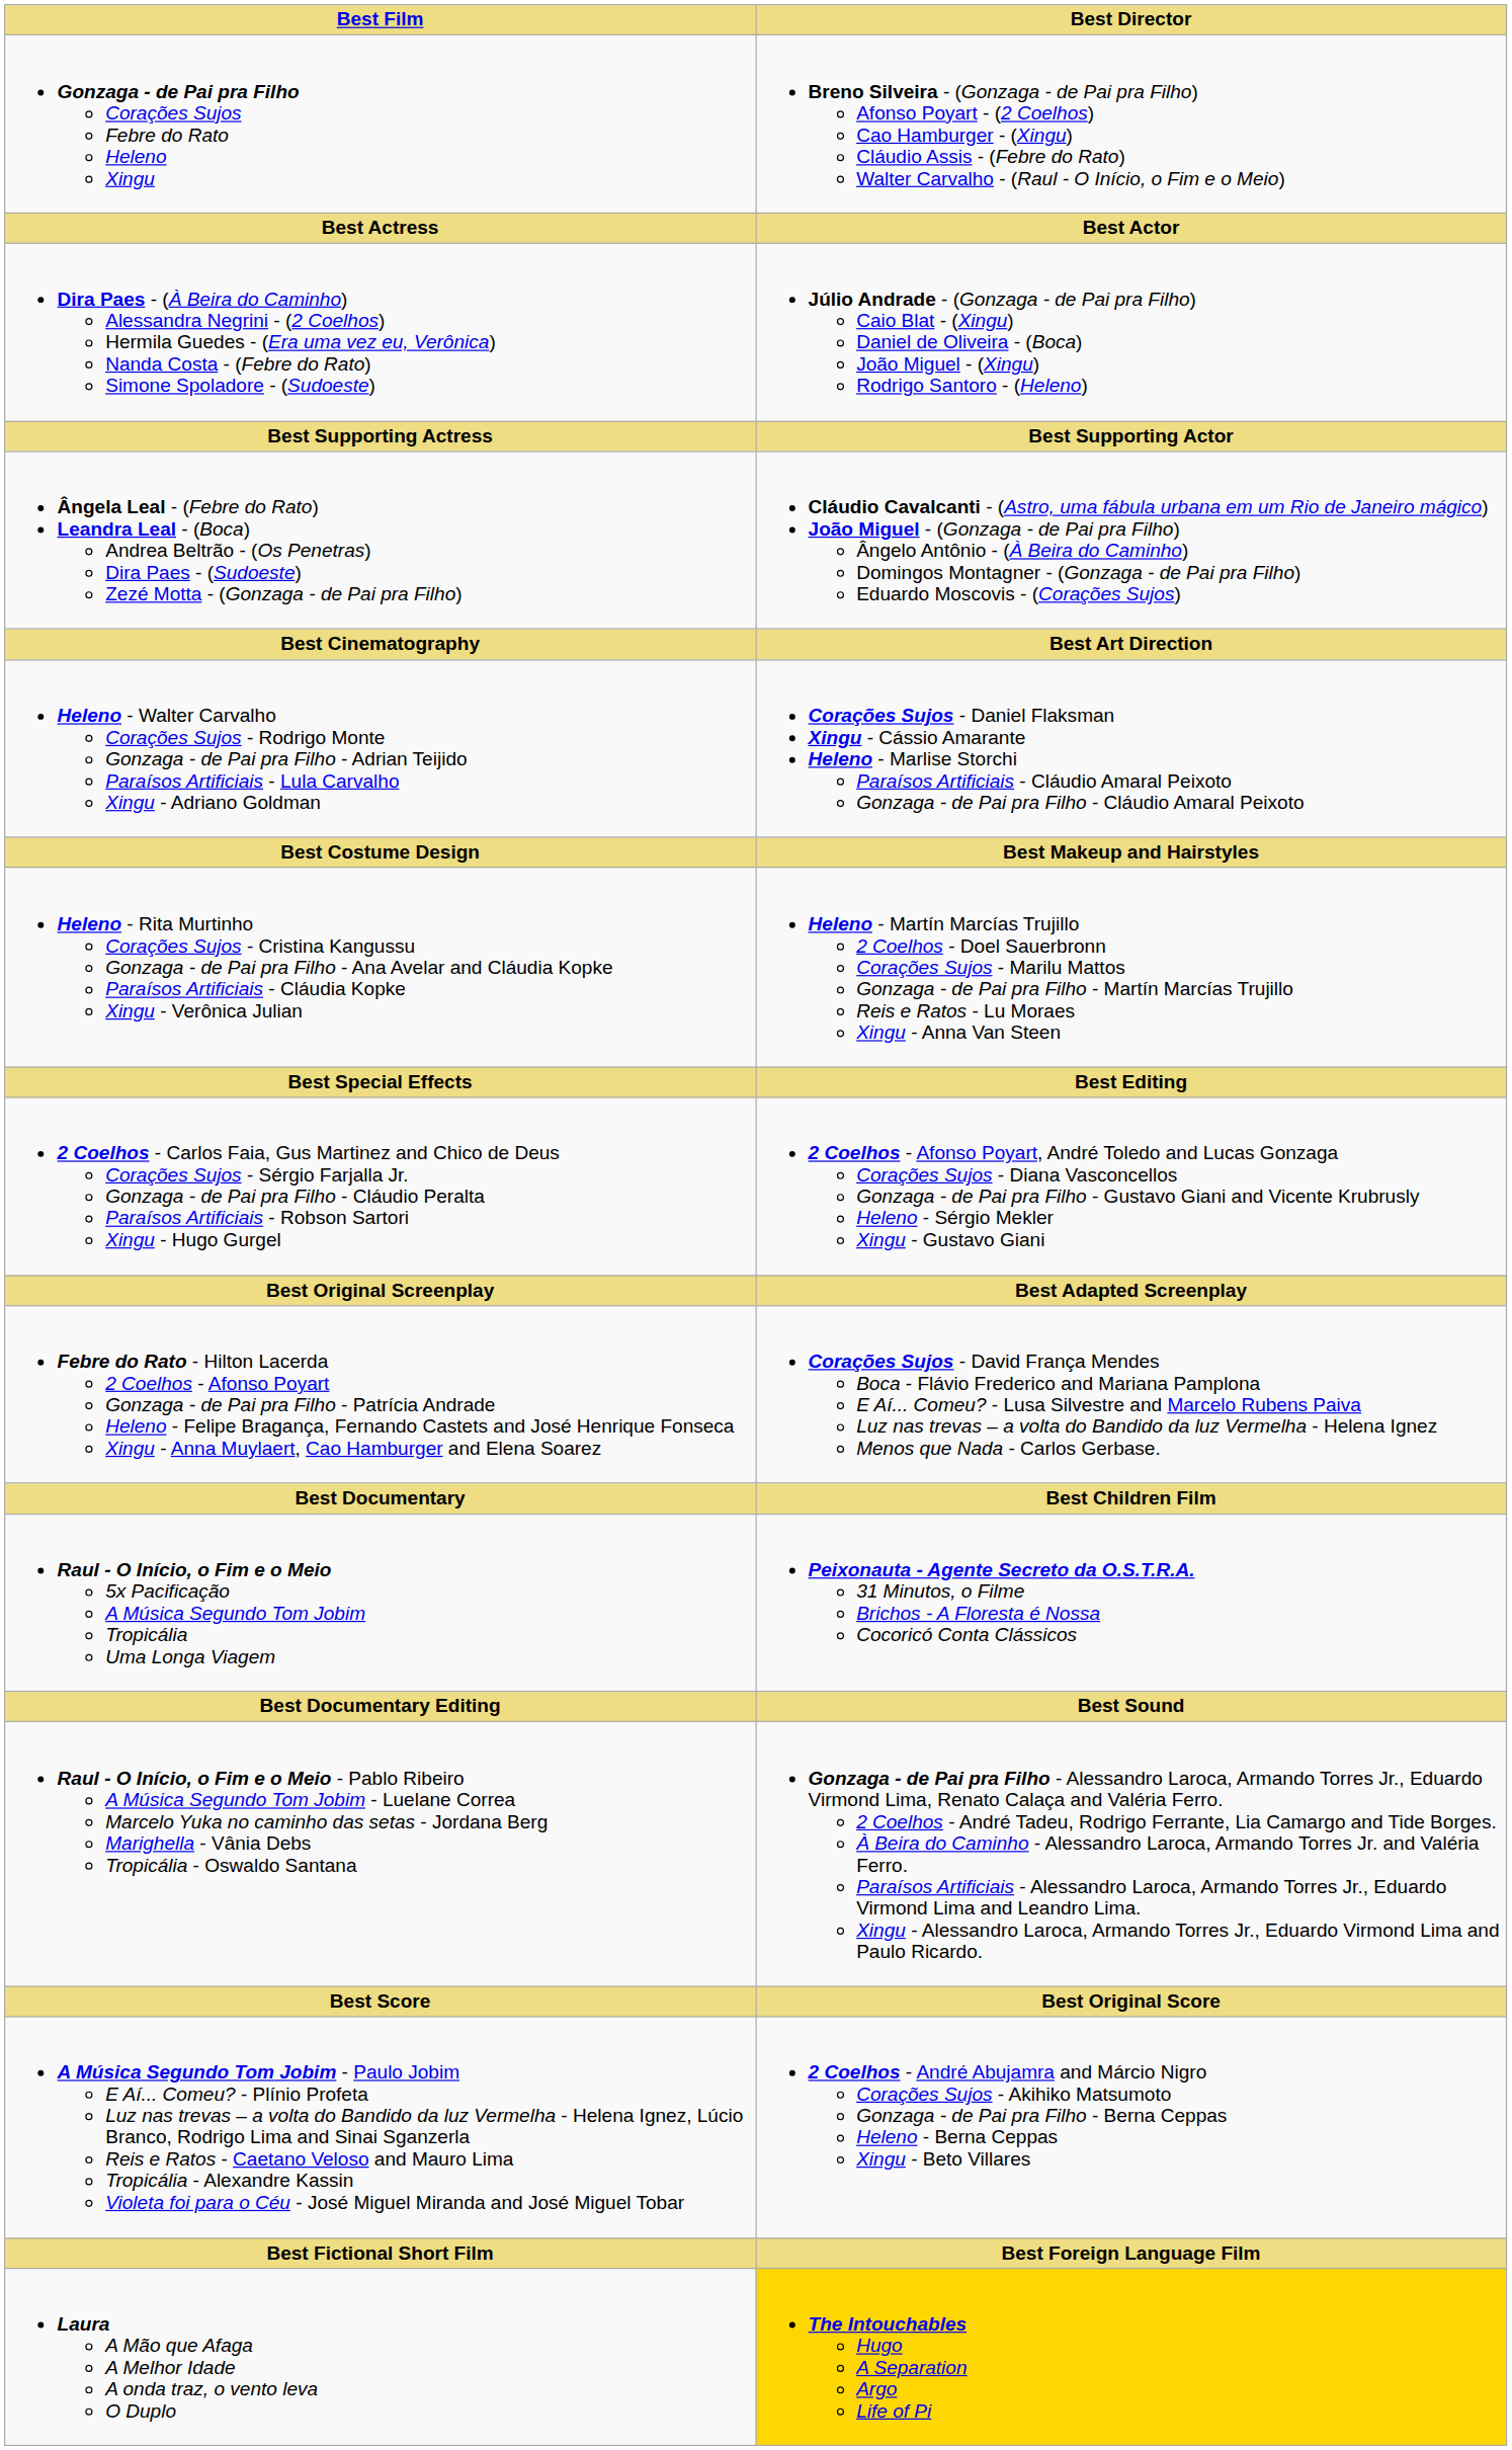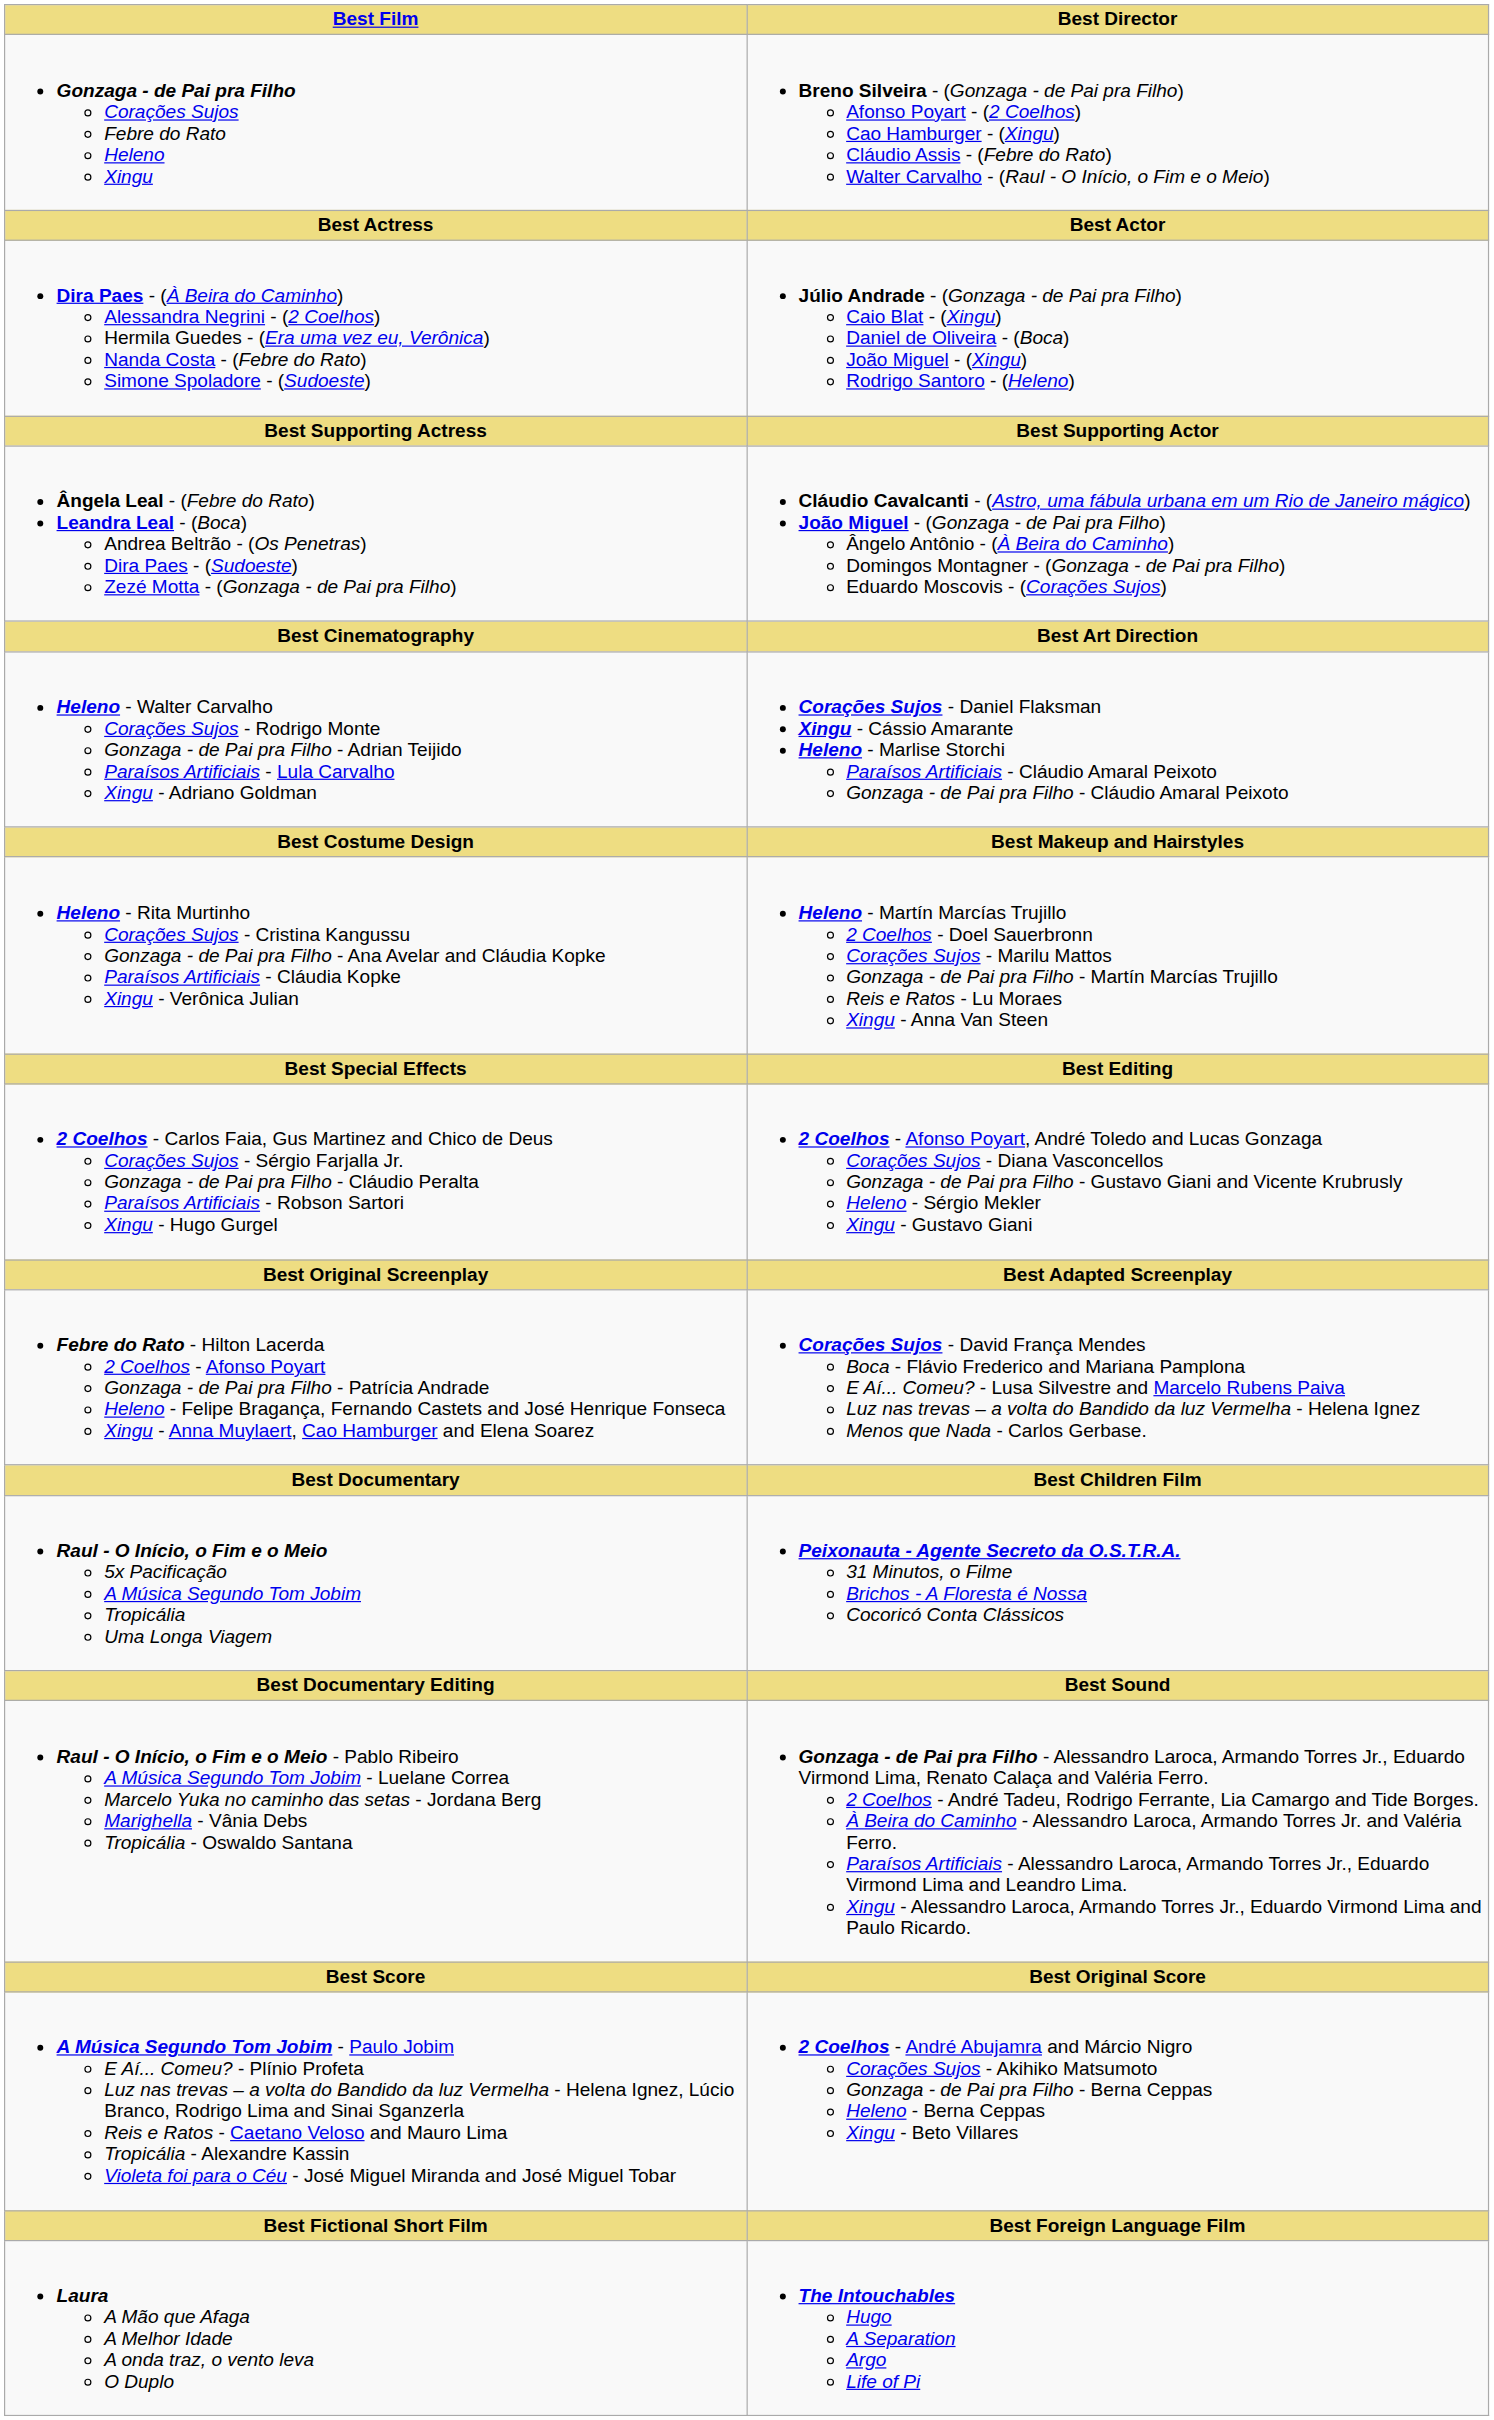 <table class=wikitable>
 <tr>
 <th style="background:#EEDD82; width:50%"><a href='#'>Best Film</a></th>
 <th style="background:#EEDD82; width:50%">Best Director</th>
 </tr>
 <tr>
 <td valign="top"><br><ul><li><strong><em>Gonzaga - de Pai pra Filho</em></strong><ul><li><em><a href='#'>Corações Sujos</a></em></li><li><em>Febre do Rato</em></li><li><em><a href='#'>Heleno</a></em></li><li><em><a href='#'>Xingu</a></em></li></ul></li></ul></td>
 <td valign="top"><br><ul><li><strong>Breno Silveira</strong> - (<em>Gonzaga - de Pai pra Filho</em>)<ul><li><a href='#'>Afonso Poyart</a> - (<em><a href='#'>2 Coelhos</a></em>)</li><li><a href='#'>Cao Hamburger</a> - (<em><a href='#'>Xingu</a></em>)</li><li><a href='#'>Cláudio Assis</a> - (<em>Febre do Rato</em>)</li><li><a href='#'>Walter Carvalho</a> - (<em>Raul - O Início, o Fim e o Meio</em>)</li></ul></li></ul></td>
 </tr>
 <tr>
 <th style="background:#EEDD82; width:50%">Best Actress</th>
 <th style="background:#EEDD82; width:50%">Best Actor</th>
 </tr>
 <tr>
 <td valign="top"><br><ul><li><strong><a href='#'>Dira Paes</a></strong> - (<em><a href='#'>À Beira do Caminho</a></em>)<ul><li><a href='#'>Alessandra Negrini</a> - (<em><a href='#'>2 Coelhos</a></em>)</li><li>Hermila Guedes - (<em><a href='#'>Era uma vez eu, Verônica</a></em>)</li><li><a href='#'>Nanda Costa</a> - (<em>Febre do Rato</em>)</li><li><a href='#'>Simone Spoladore</a> - (<em><a href='#'>Sudoeste</a></em>)</li></ul></li></ul></td>
 <td valign="top"><br><ul><li><strong>Júlio Andrade</strong> - (<em>Gonzaga - de Pai pra Filho</em>)<ul><li><a href='#'>Caio Blat</a> - (<em><a href='#'>Xingu</a></em>)</li><li><a href='#'>Daniel de Oliveira</a> - (<em>Boca</em>)</li><li><a href='#'>João Miguel</a> - (<em><a href='#'>Xingu</a></em>)</li><li><a href='#'>Rodrigo Santoro</a> - (<em><a href='#'>Heleno</a></em>)</li></ul></li></ul></td>
 </tr>
 <tr>
 <th style="background:#EEDD82; width:50%">Best Supporting Actress</th>
 <th style="background:#EEDD82; width:50%">Best Supporting Actor</th>
 </tr>
 <tr>
 <td valign="top"><br><ul><li><strong>Ângela Leal</strong> - (<em>Febre do Rato</em>)</li><li><strong><a href='#'>Leandra Leal</a></strong> - (<em>Boca</em>)<ul><li>Andrea Beltrão - (<em>Os Penetras</em>)</li><li><a href='#'>Dira Paes</a> - (<em><a href='#'>Sudoeste</a></em>)</li><li><a href='#'>Zezé Motta</a> - (<em>Gonzaga - de Pai pra Filho</em>)</li></ul></li></ul></td>
 <td valign="top"><br><ul><li><strong>Cláudio Cavalcanti</strong> - (<em><a href='#'>Astro, uma fábula urbana em um Rio de Janeiro mágico</a></em>)</li><li><strong><a href='#'>João Miguel</a></strong> - (<em>Gonzaga - de Pai pra Filho</em>)<ul><li>Ângelo Antônio - (<em><a href='#'>À Beira do Caminho</a></em>)</li><li>Domingos Montagner - (<em>Gonzaga - de Pai pra Filho</em>)</li><li>Eduardo Moscovis - (<em><a href='#'>Corações Sujos</a></em>)</li></ul></li></ul></td>
 </tr>
 <tr>
 <th style="background:#EEDD82; width:50%">Best Cinematography</th>
 <th style="background:#EEDD82; width:50%">Best Art Direction</th>
 </tr>
 <tr>
 <td valign="top"><br><ul><li><strong><em><a href='#'>Heleno</a></em></strong> - Walter Carvalho<ul><li><em><a href='#'>Corações Sujos</a></em> - Rodrigo Monte</li><li><em>Gonzaga - de Pai pra Filho</em> - Adrian Teijido</li><li><em><a href='#'>Paraísos Artificiais</a></em> - <a href='#'>Lula Carvalho</a></li><li><em><a href='#'>Xingu</a></em> - Adriano Goldman</li></ul></li></ul></td>
 <td valign="top"><br><ul><li><strong><em><a href='#'>Corações Sujos</a></em></strong> - Daniel Flaksman</li><li><strong><em><a href='#'>Xingu</a></em></strong> - Cássio Amarante</li><li><strong><em><a href='#'>Heleno</a></em></strong> - Marlise Storchi<ul><li><em><a href='#'>Paraísos Artificiais</a></em> - Cláudio Amaral Peixoto</li><li><em>Gonzaga - de Pai pra Filho</em> - Cláudio Amaral Peixoto</li></ul></li></ul></td>
 </tr>
 <tr>
 <th style="background:#EEDD82; width:50%">Best Costume Design</th>
 <th style="background:#EEDD82; width:50%">Best Makeup and Hairstyles</th>
 </tr>
 <tr>
 <td valign="top"><br><ul><li><strong><em><a href='#'>Heleno</a></em></strong> - Rita Murtinho<ul><li><em><a href='#'>Corações Sujos</a></em> - Cristina Kangussu</li><li><em>Gonzaga - de Pai pra Filho</em> - Ana Avelar and Cláudia Kopke</li><li><em><a href='#'>Paraísos Artificiais</a></em> - Cláudia Kopke</li><li><em><a href='#'>Xingu</a></em> - Verônica Julian</li></ul></li></ul></td>
 <td valign="top"><br><ul><li><strong><em><a href='#'>Heleno</a></em></strong> - Martín Marcías Trujillo<ul><li><em><a href='#'>2 Coelhos</a></em> - Doel Sauerbronn</li><li><em><a href='#'>Corações Sujos</a></em> - Marilu Mattos</li><li><em>Gonzaga - de Pai pra Filho</em> - Martín Marcías Trujillo</li><li><em>Reis e Ratos</em> - Lu Moraes</li><li><em><a href='#'>Xingu</a></em> - Anna Van Steen</li></ul></li></ul></td>
 </tr>
 <tr>
 <th style="background:#EEDD82; width:50%">Best Special Effects</th>
 <th style="background:#EEDD82; width:50%">Best Editing</th>
 </tr>
 <tr>
 <td valign="top"><br><ul><li><strong><em><a href='#'>2 Coelhos</a></em></strong> - Carlos Faia, Gus Martinez and Chico de Deus<ul><li><em><a href='#'>Corações Sujos</a></em> - Sérgio Farjalla Jr.</li><li><em>Gonzaga - de Pai pra Filho</em> - Cláudio Peralta</li><li><em><a href='#'>Paraísos Artificiais</a></em> - Robson Sartori</li><li><em><a href='#'>Xingu</a></em> - Hugo Gurgel</li></ul></li></ul></td>
 <td valign="top"><br><ul><li><strong><em><a href='#'>2 Coelhos</a></em></strong> - <a href='#'>Afonso Poyart</a>, André Toledo and Lucas Gonzaga<ul><li><em><a href='#'>Corações Sujos</a></em> - Diana Vasconcellos</li><li><em>Gonzaga - de Pai pra Filho</em> - Gustavo Giani and Vicente Krubrusly</li><li><em><a href='#'>Heleno</a></em> - Sérgio Mekler</li><li><em><a href='#'>Xingu</a></em> - Gustavo Giani</li></ul></li></ul></td>
 </tr>
 <tr>
 <th style="background:#EEDD82; width:50%">Best Original Screenplay</th>
 <th style="background:#EEDD82; width:50%">Best Adapted Screenplay</th>
 </tr>
 <tr>
 <td valign="top"><br><ul><li><strong><em>Febre do Rato</em></strong> - Hilton Lacerda<ul><li><em><a href='#'>2 Coelhos</a></em> - <a href='#'>Afonso Poyart</a></li><li><em>Gonzaga - de Pai pra Filho</em> - Patrícia Andrade</li><li><em><a href='#'>Heleno</a></em> - Felipe Bragança, Fernando Castets and José Henrique Fonseca</li><li><em><a href='#'>Xingu</a></em> - <a href='#'>Anna Muylaert</a>, <a href='#'>Cao Hamburger</a> and Elena Soarez</li></ul></li></ul></td>
 <td valign="top"><br><ul><li><strong><em><a href='#'>Corações Sujos</a></em></strong> - David França Mendes<ul><li><em>Boca</em> - Flávio Frederico and Mariana Pamplona</li><li><em>E Aí... Comeu?</em> - Lusa Silvestre and <a href='#'>Marcelo Rubens Paiva</a></li><li><em>Luz nas trevas – a volta do Bandido da luz Vermelha</em> - Helena Ignez</li><li><em>Menos que Nada</em> - Carlos Gerbase.</li></ul></li></ul></td>
 </tr>
 <tr>
 <th style="background:#EEDD82; width:50%">Best Documentary</th>
 <th style="background:#EEDD82; width:50%">Best Children Film</th>
 </tr>
 <tr>
 <td valign="top"><br><ul><li><strong><em>Raul - O Início, o Fim e o Meio</em></strong><ul><li><em>5x Pacificação</em></li><li><em><a href='#'>A Música Segundo Tom Jobim</a></em></li><li><em>Tropicália</em></li><li><em>Uma Longa Viagem</em></li></ul></li></ul></td>
 <td valign="top"><br><ul><li><strong><em><a href='#'>Peixonauta - Agente Secreto da O.S.T.R.A.</a></em></strong><ul><li><em>31 Minutos, o Filme</em></li><li><em><a href='#'>Brichos - A Floresta é Nossa</a></em></li><li><em>Cocoricó Conta Clássicos</em></li></ul></li></ul></td>
 </tr>
 <tr>
 <th style="background:#EEDD82; width:50%">Best Documentary Editing</th>
 <th style="background:#EEDD82; width:50%">Best Sound</th>
 </tr>
 <tr>
 <td valign="top"><br><ul><li><strong><em>Raul - O Início, o Fim e o Meio</em></strong> - Pablo Ribeiro<ul><li><em><a href='#'>A Música Segundo Tom Jobim</a></em> - Luelane Correa</li><li><em>Marcelo Yuka no caminho das setas</em> - Jordana Berg</li><li><em><a href='#'>Marighella</a></em> - Vânia Debs</li><li><em>Tropicália</em> - Oswaldo Santana</li></ul></li></ul></td>
 <td valign="top"><br><ul><li><strong><em>Gonzaga - de Pai pra Filho</em></strong> - Alessandro Laroca, Armando Torres Jr., Eduardo Virmond Lima, Renato Calaça and Valéria Ferro.<ul><li><em><a href='#'>2 Coelhos</a></em> - André Tadeu, Rodrigo Ferrante, Lia Camargo and Tide Borges.</li><li><em><a href='#'>À Beira do Caminho</a></em> - Alessandro Laroca, Armando Torres Jr. and Valéria Ferro.</li><li><em><a href='#'>Paraísos Artificiais</a></em> - Alessandro Laroca, Armando Torres Jr., Eduardo Virmond Lima and Leandro Lima.</li><li><em><a href='#'>Xingu</a></em> - Alessandro Laroca, Armando Torres Jr., Eduardo Virmond Lima and Paulo Ricardo.</li></ul></li></ul></td>
 </tr>
 <tr>
 <th style="background:#EEDD82; width:50%">Best Score</th>
 <th style="background:#EEDD82; width:50%">Best Original Score</th>
 </tr>
 <tr>
 <td valign="top"><br><ul><li><strong><em><a href='#'>A Música Segundo Tom Jobim</a></em></strong> - <a href='#'>Paulo Jobim</a><ul><li><em>E Aí... Comeu?</em> - Plínio Profeta</li><li><em>Luz nas trevas – a volta do Bandido da luz Vermelha</em> - Helena Ignez, Lúcio Branco, Rodrigo Lima and Sinai Sganzerla</li><li><em>Reis e Ratos</em> - <a href='#'>Caetano Veloso</a> and Mauro Lima</li><li><em>Tropicália</em> - Alexandre Kassin</li><li><em><a href='#'>Violeta foi para o Céu</a></em> - José Miguel Miranda and José Miguel Tobar</li></ul></li></ul></td>
 <td valign="top"><br><ul><li><strong><em><a href='#'>2 Coelhos</a></em></strong> - <a href='#'>André Abujamra</a> and Márcio Nigro<ul><li><em><a href='#'>Corações Sujos</a></em> - Akihiko Matsumoto</li><li><em>Gonzaga - de Pai pra Filho</em> - Berna Ceppas</li><li><em><a href='#'>Heleno</a></em> - Berna Ceppas</li><li><em><a href='#'>Xingu</a></em> - Beto Villares</li></ul></li></ul></td>
 </tr>
 <tr>
 <th style="background:#EEDD82; width:50%">Best Fictional Short Film</th>
 <th style="background:#EEDD82; width:50%">Best Foreign Language Film</th>
 </tr>
 <tr>
 <td valign="top"><br><ul><li><strong><em>Laura</em></strong><ul><li><em>A Mão que Afaga</em></li><li><em>A Melhor Idade</em></li><li><em>A onda traz, o vento leva</em></li><li><em>O Duplo</em></li></ul></li></ul></td>
-<td valign="top" style="background: gold;"><br><ul><li><strong><em><a href='#'>The Intouchables</a></em></strong><ul><li><em><a href='#'>Hugo</a></em></li><li><em><a href='#'>A Separation</a></em></li><li><em><a href='#'>Argo</a></em></li><li><em><a href='#'>Life of Pi</a></em></li></ul></li></ul></td>
+<td valign="top"><br><ul><li><strong><em><a href='#'>The Intouchables</a></em></strong><ul><li><em><a href='#'>Hugo</a></em></li><li><em><a href='#'>A Separation</a></em></li><li><em><a href='#'>Argo</a></em></li><li><em><a href='#'>Life of Pi</a></em></li></ul></li></ul></td>
 </tr>
 <tr>
 </tr>
 </table>
